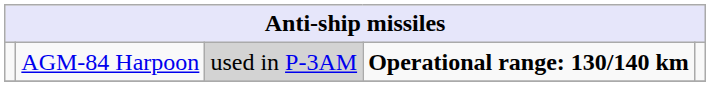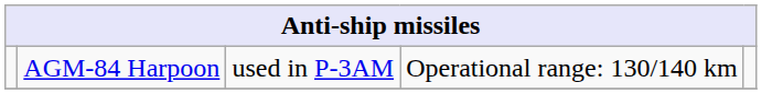 <table class="wikitable">
 <tr>
 <th style="align: center; background: lavender;" colspan="8"><strong>Anti-ship missiles</strong></th>
 </tr>
 <tr>
 <td></td>
 <td><a href='#'>AGM-84 Harpoon</a></td>
-<td style="background: lightgrey;">used in <a href='#'>P-3AM</a></td>
-<td><strong>Operational range: 130/140 km</strong></td>
+<td>used in <a href='#'>P-3AM</a></td>
+<td>Operational range: 130/140 km</td>
 <td></td>
 </tr>
 <tr>
 </tr>
 </table>
